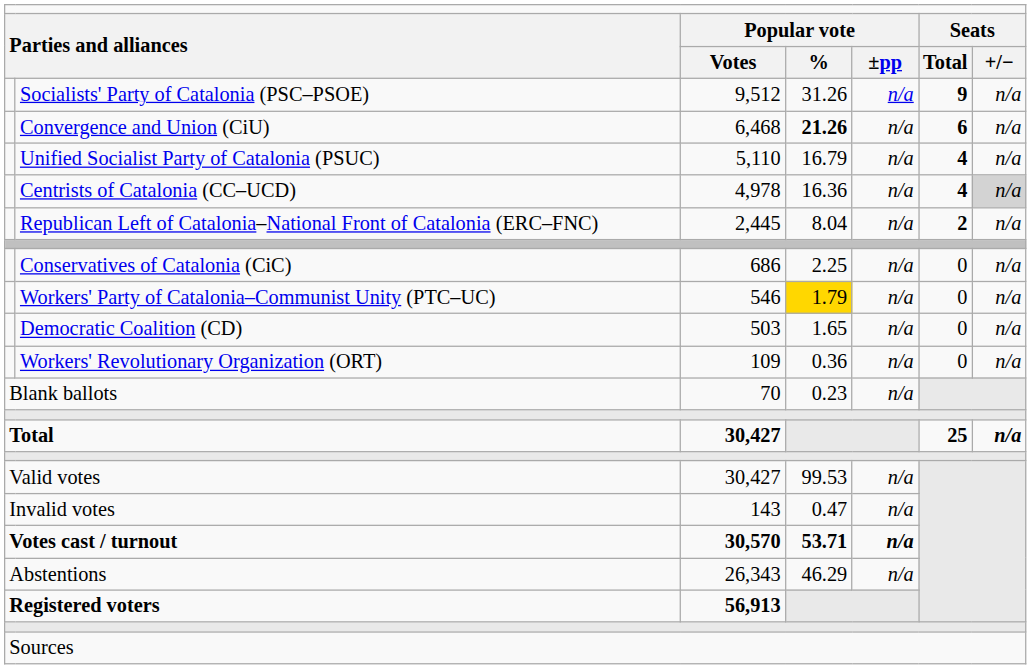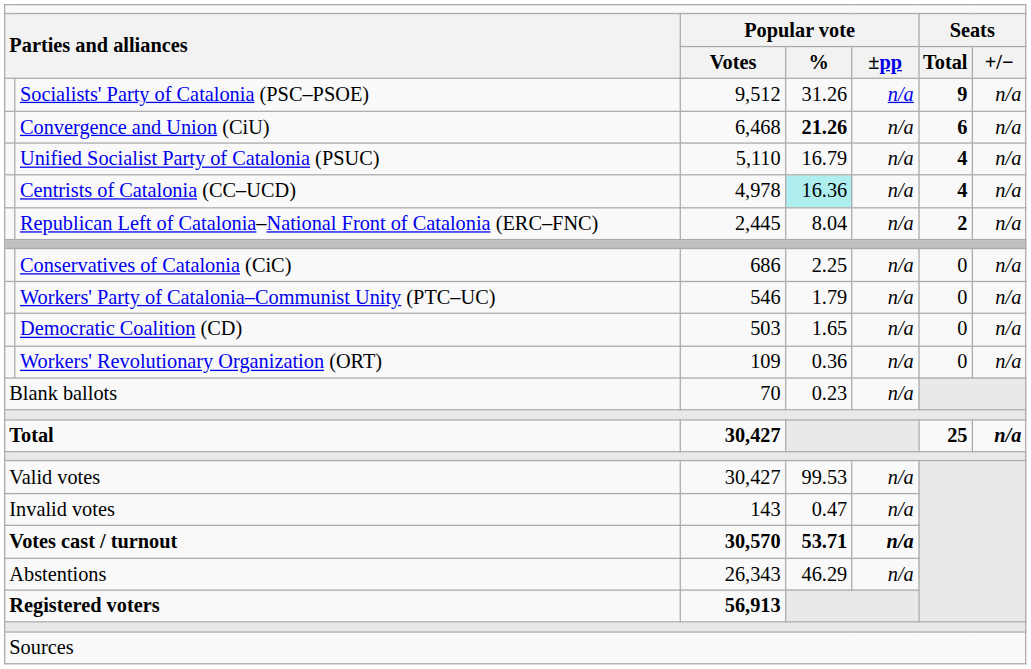 <table class="wikitable" style="text-align:right;">
 <tr>
 <td colspan="7"></td>
 </tr>
 <tr>
 <th style="text-align:left;" rowspan="2" colspan="2" width="525">Parties and alliances</th>
 <th colspan="3">Popular vote</th>
 <th colspan="2">Seats</th>
 </tr>
 <tr>
 <th width="75">Votes</th>
 <th width="45">%</th>
 <th width="45">±<a href='#'>pp</a></th>
 <th width="35">Total</th>
 <th width="35">+/−</th>
 </tr>
 <tr>
 <td width="1" style="color:inherit;background:"></td>
 <td align="left"><a href='#'>Socialists' Party of Catalonia</a> (PSC–PSOE)</td>
 <td>9,512</td>
 <td>31.26</td>
 <td><em><a href='#'>n/a</a></em></td>
 <td><strong>9</strong></td>
 <td><em>n/a</em></td>
 </tr>
 <tr>
 <td style="color:inherit;background:"></td>
 <td align="left"><a href='#'>Convergence and Union</a> (CiU)</td>
 <td>6,468</td>
 <td><strong>21.26</strong></td>
 <td><em>n/a</em></td>
 <td><strong>6</strong></td>
 <td><em>n/a</em></td>
 </tr>
 <tr>
 <td style="color:inherit;background:"></td>
 <td align="left"><a href='#'>Unified Socialist Party of Catalonia</a> (PSUC)</td>
 <td>5,110</td>
 <td>16.79</td>
 <td><em>n/a</em></td>
 <td><strong>4</strong></td>
 <td><em>n/a</em></td>
 </tr>
 <tr>
 <td style="color:inherit;background:"></td>
 <td align="left"><a href='#'>Centrists of Catalonia</a> (CC–UCD)</td>
 <td>4,978</td>
-<td>16.36</td>
+<td style="background: paleturquoise;">16.36</td>
 <td><em>n/a</em></td>
 <td><strong>4</strong></td>
-<td style="background: lightgrey;"><em>n/a</em></td>
+<td><em>n/a</em></td>
 </tr>
 <tr>
 <td style="color:inherit;background:"></td>
 <td align="left"><a href='#'>Republican Left of Catalonia</a>–<a href='#'>National Front of Catalonia</a> (ERC–FNC)</td>
 <td>2,445</td>
 <td>8.04</td>
 <td><em>n/a</em></td>
 <td><strong>2</strong></td>
 <td><em>n/a</em></td>
 </tr>
 <tr>
 <td colspan="7" style="color:inherit;background:#C0C0C0"></td>
 </tr>
 <tr>
 <td style="color:inherit;background:"></td>
 <td align="left"><a href='#'>Conservatives of Catalonia</a> (CiC)</td>
 <td>686</td>
 <td>2.25</td>
 <td><em>n/a</em></td>
 <td>0</td>
 <td><em>n/a</em></td>
 </tr>
 <tr>
 <td style="color:inherit;background:"></td>
 <td align="left"><a href='#'>Workers' Party of Catalonia–Communist Unity</a> (PTC–UC)</td>
 <td>546</td>
-<td style="background: gold;">1.79</td>
+<td>1.79</td>
 <td><em>n/a</em></td>
 <td>0</td>
 <td><em>n/a</em></td>
 </tr>
 <tr>
 <td style="color:inherit;background:"></td>
 <td align="left"><a href='#'>Democratic Coalition</a> (CD)</td>
 <td>503</td>
 <td>1.65</td>
 <td><em>n/a</em></td>
 <td>0</td>
 <td><em>n/a</em></td>
 </tr>
 <tr>
 <td style="color:inherit;background:"></td>
 <td align="left"><a href='#'>Workers' Revolutionary Organization</a> (ORT)</td>
 <td>109</td>
 <td>0.36</td>
 <td><em>n/a</em></td>
 <td>0</td>
 <td><em>n/a</em></td>
 </tr>
 <tr>
 <td align="left" colspan="2">Blank ballots</td>
 <td>70</td>
 <td>0.23</td>
 <td><em>n/a</em></td>
 <td style="color:inherit;background:#E9E9E9" colspan="2"></td>
 </tr>
 <tr>
 <td colspan="7" style="color:inherit;background:#E9E9E9"></td>
 </tr>
 <tr style="font-weight:bold;">
 <td align="left" colspan="2">Total</td>
 <td>30,427</td>
 <td bgcolor="#E9E9E9" colspan="2"></td>
 <td>25</td>
 <td><em>n/a</em></td>
 </tr>
 <tr>
 <td colspan="7" style="color:inherit;background:#E9E9E9"></td>
 </tr>
 <tr>
 <td align="left" colspan="2">Valid votes</td>
 <td>30,427</td>
 <td>99.53</td>
 <td><em>n/a</em></td>
 <td bgcolor="#E9E9E9" colspan="2" rowspan="5"></td>
 </tr>
 <tr>
 <td align="left" colspan="2">Invalid votes</td>
 <td>143</td>
 <td>0.47</td>
 <td><em>n/a</em></td>
 </tr>
 <tr style="font-weight:bold;">
 <td align="left" colspan="2">Votes cast / turnout</td>
 <td>30,570</td>
 <td>53.71</td>
 <td><em>n/a</em></td>
 </tr>
 <tr>
 <td align="left" colspan="2">Abstentions</td>
 <td>26,343</td>
 <td>46.29</td>
 <td><em>n/a</em></td>
 </tr>
 <tr style="font-weight:bold;">
 <td align="left" colspan="2">Registered voters</td>
 <td>56,913</td>
 <td bgcolor="#E9E9E9" colspan="2"></td>
 </tr>
 <tr>
 <td colspan="7" style="color:inherit;background:#E9E9E9"></td>
 </tr>
 <tr>
 <td align="left" colspan="7">Sources</td>
 </tr>
 </table>
